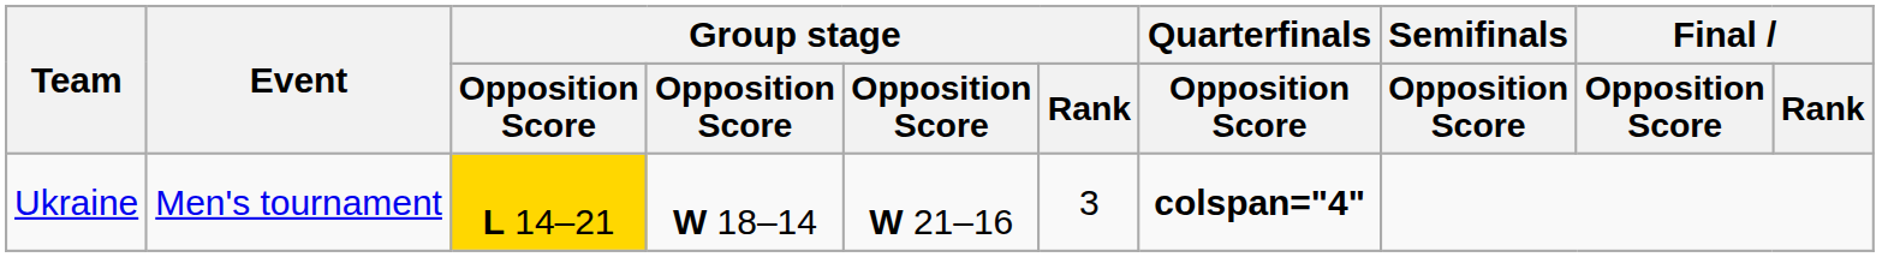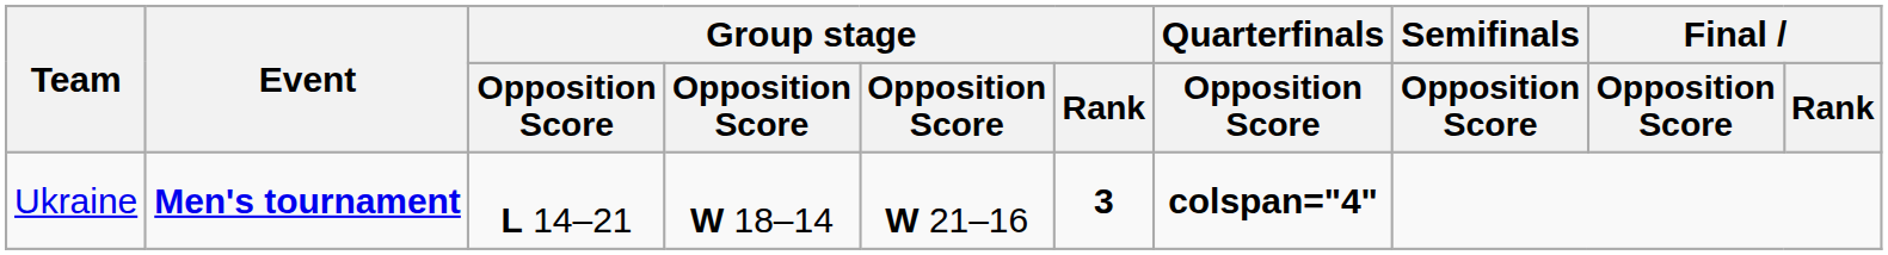 <table class="wikitable" style="text-align:center; font-size:90%">
 <tr>
 <th rowspan=2>Team</th>
 <th rowspan=2>Event</th>
 <th colspan=4>Group stage</th>
 <th>Quarterfinals</th>
 <th>Semifinals</th>
 <th colspan=2>Final / </th>
 </tr>
 <tr style="font-size:95%">
 <th>Opposition<br>Score</th>
 <th>Opposition<br>Score</th>
 <th>Opposition<br>Score</th>
 <th>Rank</th>
 <th>Opposition<br>Score</th>
 <th>Opposition<br>Score</th>
 <th>Opposition<br>Score</th>
 <th>Rank</th>
 </tr>
 <tr>
 <td align=left><a href='#'>Ukraine</a></td>
-<td align=left><a href='#'>Men's tournament</a></td>
-<td style="background: gold;"><br><strong>L</strong> 14–21</td>
+<td align=left><strong><a href='#'>Men's tournament</a></strong></td>
+<td><br><strong>L</strong> 14–21</td>
 <td><br><strong>W</strong> 18–14</td>
 <td><br><strong>W</strong> 21–16</td>
-<td>3</td>
+<td><strong>3</strong></td>
 <td><strong>colspan="4" </strong></td>
 </tr>
 </table>
